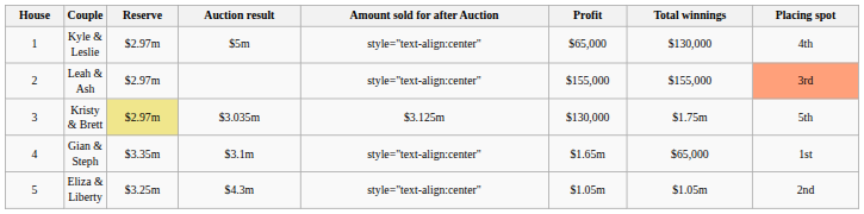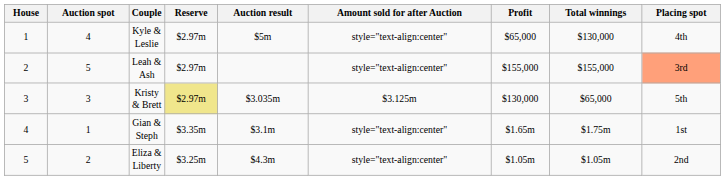 <table class="wikitable" style="text-align: center; font-size: 9pt; line-height:16px; width:70%" |>
 <tr>
 <th>House</th>
+<th>Auction spot</th>
 <th>Couple</th>
 <th>Reserve</th>
 <th>Auction result</th>
 <th>Amount sold for after Auction</th>
 <th>Profit</th>
 <th>Total winnings</th>
 <th>Placing spot</th>
 </tr>
 <tr>
 <td>1</td>
+<td style="text-align:center">4</td>
 <td style="width:5%;" scope="col" style="background:#A4C639; color:black;">Kyle & Leslie</td>
 <td style="text-align:center">$2.97m</td>
 <td style="text-align:center">$5m</td>
 <td>style="text-align:center" </td>
 <td style="text-align:center">$65,000</td>
 <td style="text-align:center">$130,000</td>
 <td style="text-align:center">4th</td>
 </tr>
 <tr>
 <td>2</td>
+<td style="text-align:center">5</td>
 <td style="width:5%;" scope="col" style="background:yellow; color:black;">Leah & Ash</td>
 <td style="text-align:center">$2.97m</td>
 <td style="text-align:center"></td>
 <td>style="text-align:center" </td>
 <td style="text-align:center">$155,000</td>
 <td style="text-align:center">$155,000</td>
 <td style="background: lightsalmon; text-align:center">3rd</td>
 </tr>
 <tr>
 <td>3</td>
+<td style="text-align:center">3</td>
 <td style="width:5%;" scope="col" style="background:#FF0800; color:black;">Kristy & Brett</td>
 <td style="background: khaki; text-align:center">$2.97m</td>
 <td style="text-align:center">$3.035m</td>
 <td style="text-align:center">$3.125m</td>
 <td style="text-align:center">$130,000</td>
-<td style="text-align:center">$1.75m</td>
+<td style="text-align:center">$65,000</td>
 <td style="text-align:center">5th</td>
 </tr>
 <tr>
 <td>4</td>
+<td style="text-align:center">1</td>
 <td style="width:5%;" scope="col" style="background:#00BFFF; color:black;">Gian & Steph</td>
 <td style="text-align:center">$3.35m</td>
 <td style="text-align:center">$3.1m</td>
 <td>style="text-align:center" </td>
 <td style="text-align:center">$1.65m</td>
-<td style="text-align:center">$65,000</td>
+<td style="text-align:center">$1.75m</td>
 <td style="text-align:center">1st</td>
 </tr>
 <tr>
 <td>5</td>
+<td style="text-align:center">2</td>
 <td style="width:5%;" scope="col" style="background:#B87BF6; color:black;">Eliza & Liberty</td>
 <td style="text-align:center">$3.25m</td>
 <td style="text-align:center">$4.3m</td>
 <td>style="text-align:center" </td>
 <td style="text-align:center">$1.05m</td>
 <td style="text-align:center">$1.05m</td>
 <td style="text-align:center">2nd</td>
 </tr>
 </table>
